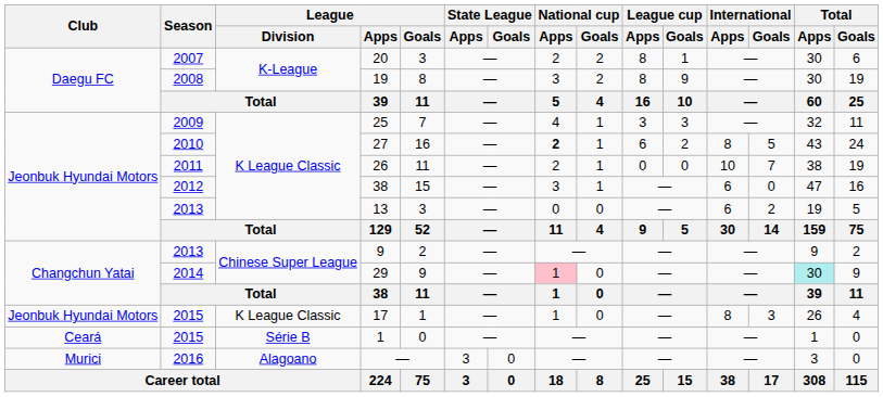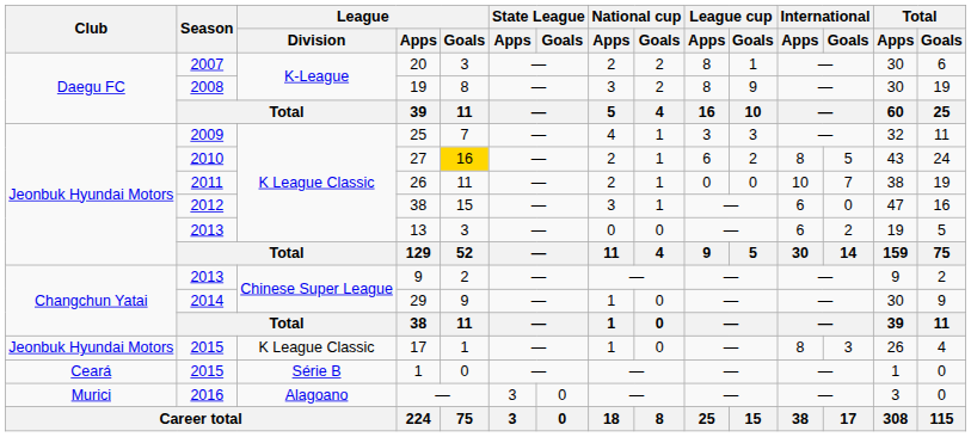 <table class="wikitable" style="text-align: center;">
 <tr>
 <th rowspan="2">Club</th>
 <th rowspan="2">Season</th>
 <th colspan="3">League</th>
 <th colspan="2">State League</th>
 <th colspan="2">National cup</th>
 <th colspan="2">League cup</th>
 <th colspan="2">International</th>
 <th colspan="2">Total</th>
 </tr>
 <tr>
 <th>Division</th>
 <th>Apps</th>
 <th>Goals</th>
 <th>Apps</th>
 <th>Goals</th>
 <th>Apps</th>
 <th>Goals</th>
 <th>Apps</th>
 <th>Goals</th>
 <th>Apps</th>
 <th>Goals</th>
 <th>Apps</th>
 <th>Goals</th>
 </tr>
 <tr>
 <td rowspan="3"><a href='#'>Daegu FC</a></td>
 <td><a href='#'>2007</a></td>
 <td rowspan="2"><a href='#'>K-League</a></td>
 <td>20</td>
 <td>3</td>
 <td colspan="2">—</td>
 <td>2</td>
 <td>2</td>
 <td>8</td>
 <td>1</td>
 <td colspan="2">—</td>
 <td>30</td>
 <td>6</td>
 </tr>
 <tr>
 <td><a href='#'>2008</a></td>
 <td>19</td>
 <td>8</td>
 <td colspan="2">—</td>
 <td>3</td>
 <td>2</td>
 <td>8</td>
 <td>9</td>
 <td colspan="2">—</td>
 <td>30</td>
 <td>19</td>
 </tr>
 <tr>
 <th colspan="2">Total</th>
 <th>39</th>
 <th>11</th>
 <th colspan="2">—</th>
 <th>5</th>
 <th>4</th>
 <th>16</th>
 <th>10</th>
 <th colspan="2">—</th>
 <th>60</th>
 <th>25</th>
 </tr>
 <tr>
 <td rowspan="6"><a href='#'>Jeonbuk Hyundai Motors</a></td>
 <td><a href='#'>2009</a></td>
 <td rowspan="5"><a href='#'>K League Classic</a></td>
 <td>25</td>
 <td>7</td>
 <td colspan="2">—</td>
 <td>4</td>
 <td>1</td>
 <td>3</td>
 <td>3</td>
 <td colspan="2">—</td>
 <td>32</td>
 <td>11</td>
 </tr>
 <tr>
 <td><a href='#'>2010</a></td>
 <td>27</td>
-<td>16</td>
+<td style="background: gold;">16</td>
 <td colspan="2">—</td>
-<td><strong>2</strong></td>
+<td>2</td>
 <td>1</td>
 <td>6</td>
 <td>2</td>
 <td>8</td>
 <td>5</td>
 <td>43</td>
 <td>24</td>
 </tr>
 <tr>
 <td><a href='#'>2011</a></td>
 <td>26</td>
 <td>11</td>
 <td colspan="2">—</td>
 <td>2</td>
 <td>1</td>
 <td>0</td>
 <td>0</td>
 <td>10</td>
 <td>7</td>
 <td>38</td>
 <td>19</td>
 </tr>
 <tr>
 <td><a href='#'>2012</a></td>
 <td>38</td>
 <td>15</td>
 <td colspan="2">—</td>
 <td>3</td>
 <td>1</td>
 <td colspan="2">—</td>
 <td>6</td>
 <td>0</td>
 <td>47</td>
 <td>16</td>
 </tr>
 <tr>
 <td><a href='#'>2013</a></td>
 <td>13</td>
 <td>3</td>
 <td colspan="2">—</td>
 <td>0</td>
 <td>0</td>
 <td colspan="2">—</td>
 <td>6</td>
 <td>2</td>
 <td>19</td>
 <td>5</td>
 </tr>
 <tr>
 <th colspan="2">Total</th>
 <th>129</th>
 <th>52</th>
 <th colspan="2">—</th>
 <th>11</th>
 <th>4</th>
 <th>9</th>
 <th>5</th>
 <th>30</th>
 <th>14</th>
 <th>159</th>
 <th>75</th>
 </tr>
 <tr>
 <td rowspan="3"><a href='#'>Changchun Yatai</a></td>
 <td><a href='#'>2013</a></td>
 <td rowspan="2"><a href='#'>Chinese Super League</a></td>
 <td>9</td>
 <td>2</td>
 <td colspan="2">—</td>
 <td colspan="2">—</td>
 <td colspan="2">—</td>
 <td colspan="2">—</td>
 <td>9</td>
 <td>2</td>
 </tr>
 <tr>
 <td><a href='#'>2014</a></td>
 <td>29</td>
 <td>9</td>
 <td colspan="2">—</td>
-<td style="background: pink;">1</td>
+<td>1</td>
 <td>0</td>
 <td colspan="2">—</td>
 <td colspan="2">—</td>
-<td style="background: paleturquoise;">30</td>
+<td>30</td>
 <td>9</td>
 </tr>
 <tr>
 <th colspan="2">Total</th>
 <th>38</th>
 <th>11</th>
 <th colspan="2">—</th>
 <th>1</th>
 <th>0</th>
 <th colspan="2">—</th>
 <th colspan="2">—</th>
 <th>39</th>
 <th>11</th>
 </tr>
 <tr>
 <td><a href='#'>Jeonbuk Hyundai Motors</a></td>
 <td><a href='#'>2015</a></td>
 <td>K League Classic</td>
 <td>17</td>
 <td>1</td>
 <td colspan="2">—</td>
 <td>1</td>
 <td>0</td>
 <td colspan="2">—</td>
 <td>8</td>
 <td>3</td>
 <td>26</td>
 <td>4</td>
 </tr>
 <tr>
 <td><a href='#'>Ceará</a></td>
 <td><a href='#'>2015</a></td>
 <td><a href='#'>Série B</a></td>
 <td>1</td>
 <td>0</td>
 <td colspan="2">—</td>
 <td colspan="2">—</td>
 <td colspan="2">—</td>
 <td colspan="2">—</td>
 <td>1</td>
 <td>0</td>
 </tr>
 <tr>
 <td><a href='#'>Murici</a></td>
 <td><a href='#'>2016</a></td>
 <td><a href='#'>Alagoano</a></td>
 <td colspan="2">—</td>
 <td>3</td>
 <td>0</td>
 <td colspan="2">—</td>
 <td colspan="2">—</td>
 <td colspan="2">—</td>
 <td>3</td>
 <td>0</td>
 </tr>
 <tr>
 <th colspan="3">Career total</th>
 <th>224</th>
 <th>75</th>
 <th>3</th>
 <th>0</th>
 <th>18</th>
 <th>8</th>
 <th>25</th>
 <th>15</th>
 <th>38</th>
 <th>17</th>
 <th>308</th>
 <th>115</th>
 </tr>
 </table>
